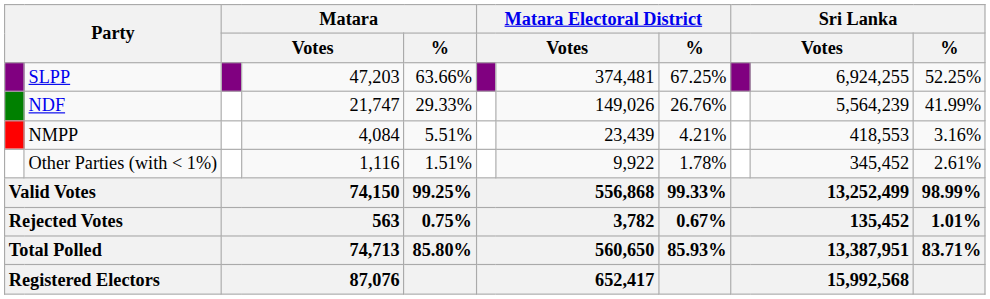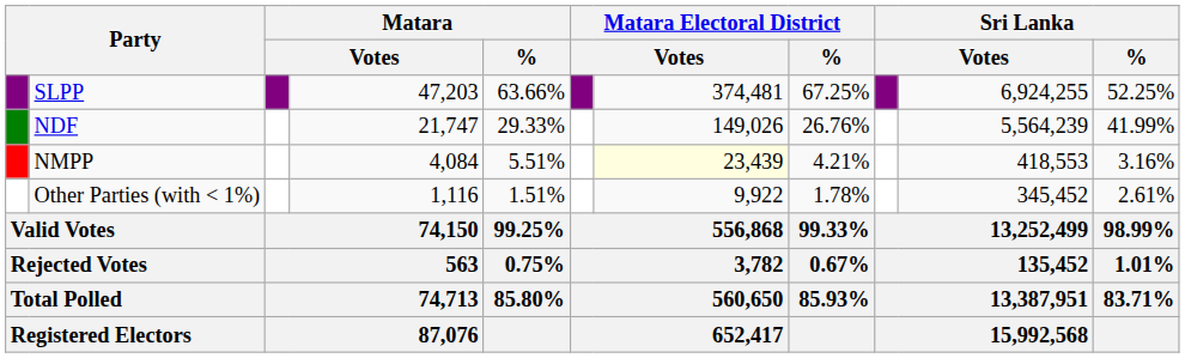 <table class="wikitable">
 <tr>
 <th colspan="2" width="144px"rowspan="2">Party</th>
 <th colspan="3" width="216px">Matara</th>
 <th colspan="3" width="216px"><a href='#'>Matara Electoral District</a></th>
 <th colspan="3" width="216px">Sri Lanka</th>
 </tr>
 <tr>
 <th colspan="2" width="144px">Votes</th>
 <th>%</th>
 <th colspan="2" width="144px">Votes</th>
 <th>%</th>
 <th colspan="2" width="144px">Votes</th>
 <th>%</th>
 </tr>
 <tr>
 <td style="background-color:purple;" width="10px"></td>
 <td style="text-align:left;"><a href='#'>SLPP</a></td>
 <td style="background-color:purple;" width="10px"></td>
 <td style="text-align:right;">47,203</td>
 <td style="text-align:right;">63.66%</td>
 <td style="background-color:purple;" width="10px"></td>
 <td style="text-align:right;">374,481</td>
 <td style="text-align:right;">67.25%</td>
 <td style="background-color:purple;" width="10px"></td>
 <td style="text-align:right;">6,924,255</td>
 <td style="text-align:right;">52.25%</td>
 </tr>
 <tr>
 <td style="background-color:green;" width="10px"></td>
 <td style="text-align:left;"><a href='#'>NDF</a></td>
 <td style="background-color:white;" width="10px"></td>
 <td style="text-align:right;">21,747</td>
 <td style="text-align:right;">29.33%</td>
 <td style="background-color:white;" width="10px"></td>
 <td style="text-align:right;">149,026</td>
 <td style="text-align:right;">26.76%</td>
 <td style="background-color:white;" width="10px"></td>
 <td style="text-align:right;">5,564,239</td>
 <td style="text-align:right;">41.99%</td>
 </tr>
 <tr>
 <td style="background-color:red;" width="10px"></td>
 <td style="text-align:left;">NMPP</td>
 <td style="background-color:white;" width="10px"></td>
 <td style="text-align:right;">4,084</td>
 <td style="text-align:right;">5.51%</td>
 <td style="background-color:white;" width="10px"></td>
-<td style="text-align:right;">23,439</td>
+<td style="background: lightyellow; text-align:right;">23,439</td>
 <td style="text-align:right;">4.21%</td>
 <td style="background-color:white;" width="10px"></td>
 <td style="text-align:right;">418,553</td>
 <td style="text-align:right;">3.16%</td>
 </tr>
 <tr>
 <td style="background-color:white;" width="10px"></td>
 <td style="text-align:left;">Other Parties (with < 1%)</td>
 <td style="background-color:white;" width="10px"></td>
 <td style="text-align:right;">1,116</td>
 <td style="text-align:right;">1.51%</td>
 <td style="background-color:white;" width="10px"></td>
 <td style="text-align:right;">9,922</td>
 <td style="text-align:right;">1.78%</td>
 <td style="background-color:white;" width="10px"></td>
 <td style="text-align:right;">345,452</td>
 <td style="text-align:right;">2.61%</td>
 </tr>
 <tr>
 <th colspan="2" width="144px"style="text-align:left;">Valid Votes</th>
 <th style="text-align:right;"colspan="2" width="144px">74,150</th>
 <th style="text-align:right;">99.25%</th>
 <th style="text-align:right;"colspan="2" width="144px">556,868</th>
 <th style="text-align:right;">99.33%</th>
 <th style="text-align:right;"colspan="2" width="144px">13,252,499</th>
 <th style="text-align:right;">98.99%</th>
 </tr>
 <tr>
 <th colspan="2" width="144px"style="text-align:left;">Rejected Votes</th>
 <th style="text-align:right;"colspan="2" width="144px">563</th>
 <th style="text-align:right;">0.75%</th>
 <th style="text-align:right;"colspan="2" width="144px">3,782</th>
 <th style="text-align:right;">0.67%</th>
 <th style="text-align:right;"colspan="2" width="144px">135,452</th>
 <th style="text-align:right;">1.01%</th>
 </tr>
 <tr>
 <th colspan="2" width="144px"style="text-align:left;">Total Polled</th>
 <th style="text-align:right;"colspan="2" width="144px">74,713</th>
 <th style="text-align:right;">85.80%</th>
 <th style="text-align:right;"colspan="2" width="144px">560,650</th>
 <th style="text-align:right;">85.93%</th>
 <th style="text-align:right;"colspan="2" width="144px">13,387,951</th>
 <th style="text-align:right;">83.71%</th>
 </tr>
 <tr>
 <th colspan="2" width="144px"style="text-align:left;">Registered Electors</th>
 <th style="text-align:right;"colspan="2" width="144px">87,076</th>
 <th></th>
 <th style="text-align:right;"colspan="2" width="144px">652,417</th>
 <th></th>
 <th style="text-align:right;"colspan="2" width="144px">15,992,568</th>
 <th></th>
 </tr>
 </table>
